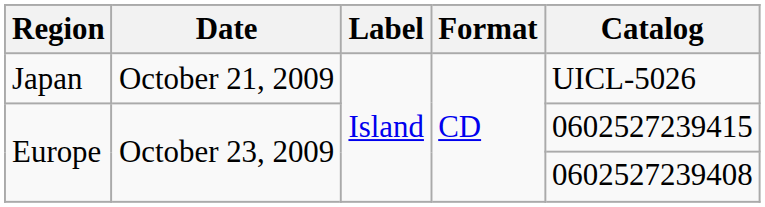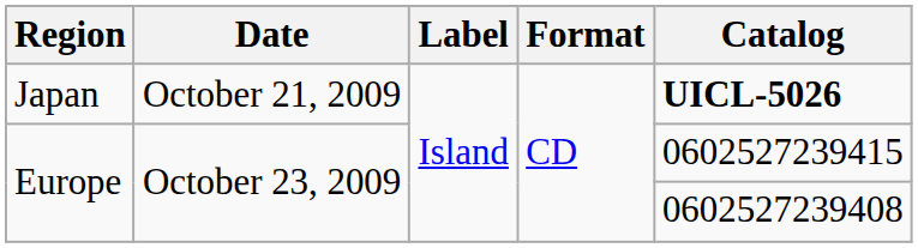 <table class="wikitable">
 <tr>
 <th>Region</th>
 <th>Date</th>
 <th>Label</th>
 <th>Format</th>
 <th>Catalog</th>
 </tr>
 <tr>
 <td>Japan</td>
 <td>October 21, 2009</td>
 <td rowspan="3"><a href='#'>Island</a></td>
 <td rowspan="3"><a href='#'>CD</a></td>
-<td>UICL-5026</td>
+<td><strong>UICL-5026</strong></td>
 </tr>
 <tr>
 <td rowspan="2">Europe</td>
 <td rowspan="2">October 23, 2009</td>
 <td>0602527239415</td>
 </tr>
 <tr>
 <td>0602527239408</td>
 </tr>
 </table>
